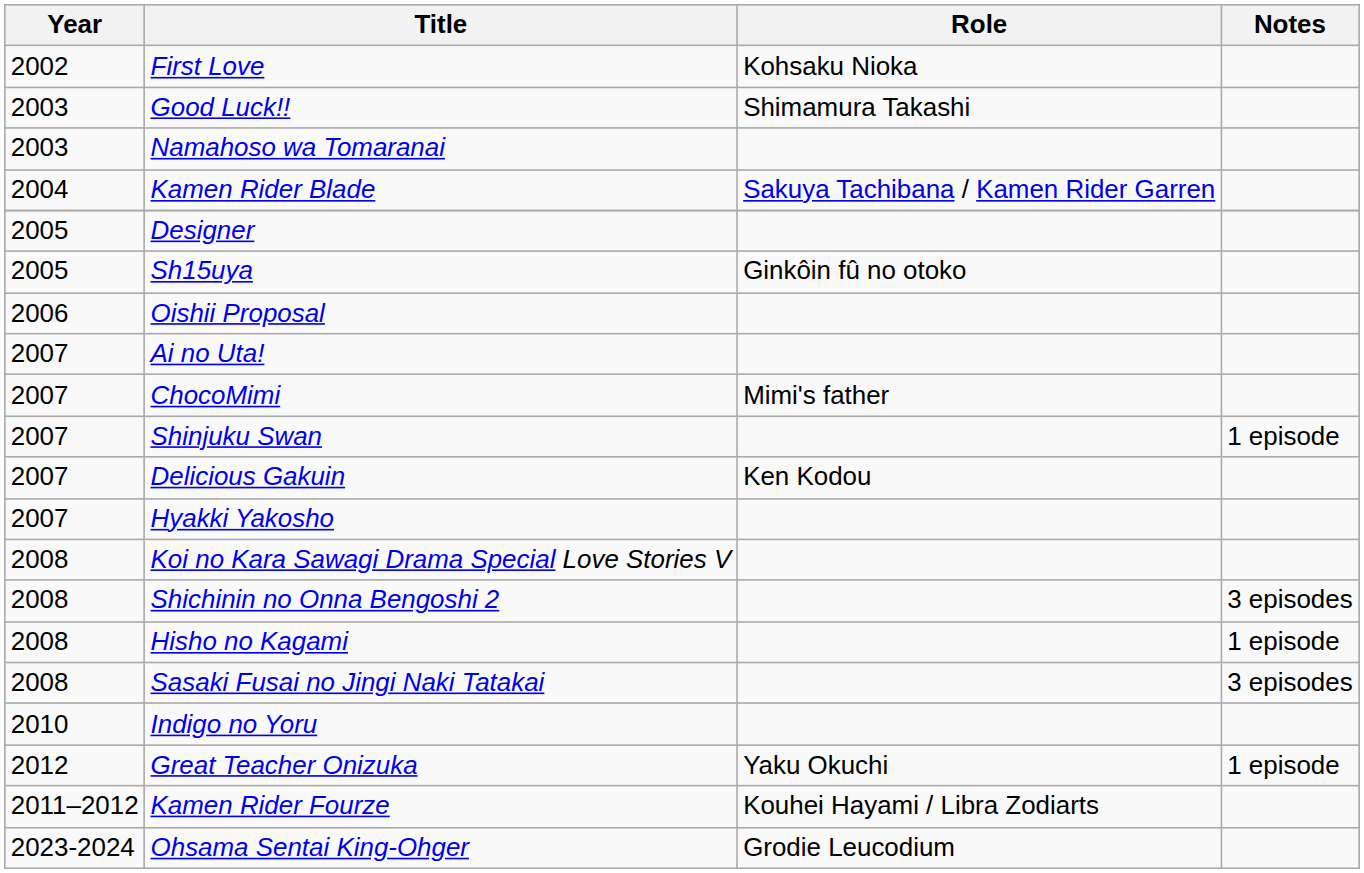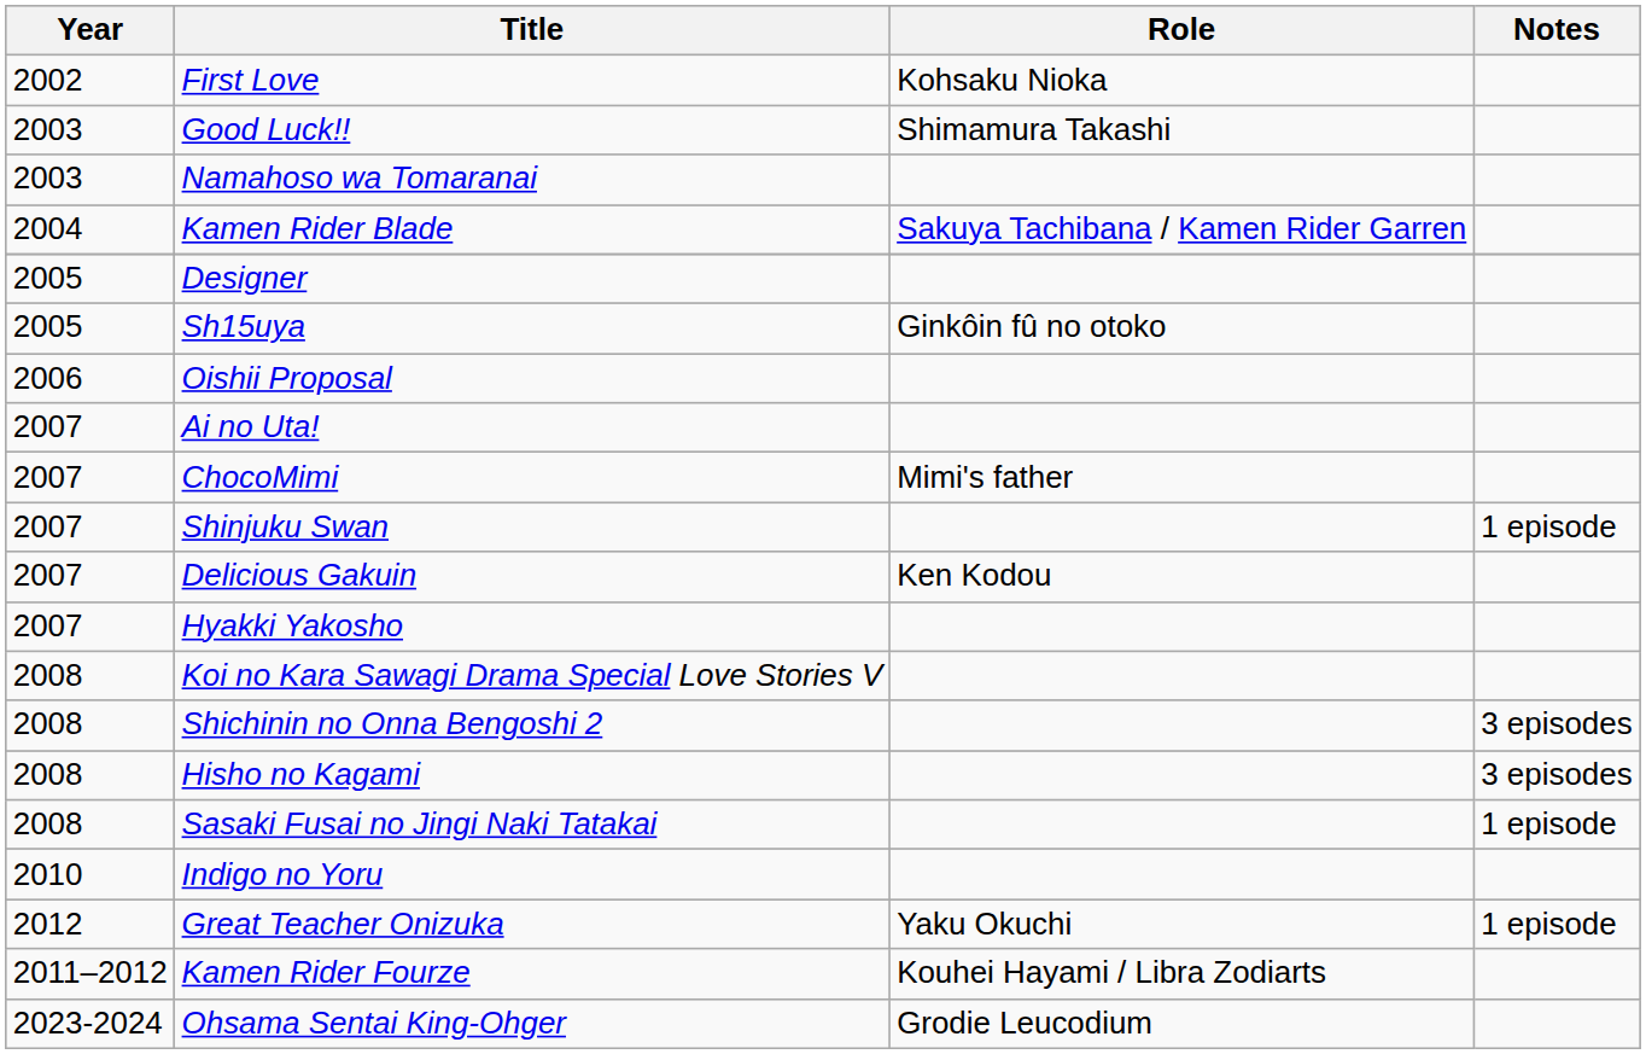 <table class="wikitable">
 <tr>
 <th>Year</th>
 <th>Title</th>
 <th>Role</th>
 <th>Notes</th>
 </tr>
 <tr>
 <td>2002</td>
 <td><em><a href='#'>First Love</a></em></td>
 <td>Kohsaku Nioka</td>
 <td></td>
 </tr>
 <tr>
 <td>2003</td>
 <td><em><a href='#'>Good Luck!!</a></em></td>
 <td>Shimamura Takashi</td>
 <td></td>
 </tr>
 <tr>
 <td>2003</td>
 <td><em><a href='#'>Namahoso wa Tomaranai</a></em></td>
 <td></td>
 <td></td>
 </tr>
 <tr>
 <td>2004</td>
 <td><em><a href='#'>Kamen Rider Blade</a></em></td>
 <td><a href='#'>Sakuya Tachibana</a> / <a href='#'>Kamen Rider Garren</a></td>
 <td></td>
 </tr>
 <tr>
 </tr>
 <tr>
 <td>2005</td>
 <td><em><a href='#'>Designer</a></em></td>
 <td></td>
 <td></td>
 </tr>
 <tr>
 <td>2005</td>
 <td><em><a href='#'>Sh15uya</a></em></td>
 <td>Ginkôin fû no otoko</td>
 <td></td>
 </tr>
 <tr>
 <td>2006</td>
 <td><em><a href='#'>Oishii Proposal</a></em></td>
 <td></td>
 <td></td>
 </tr>
 <tr>
 <td>2007</td>
 <td><em><a href='#'>Ai no Uta!</a></em></td>
 <td></td>
 <td></td>
 </tr>
 <tr>
 <td>2007</td>
 <td><em><a href='#'>ChocoMimi</a></em></td>
 <td>Mimi's father</td>
 <td></td>
 </tr>
 <tr>
 <td>2007</td>
 <td><em><a href='#'>Shinjuku Swan</a></em></td>
 <td></td>
 <td>1 episode</td>
 </tr>
 <tr>
 <td>2007</td>
 <td><em><a href='#'>Delicious Gakuin</a></em></td>
 <td>Ken Kodou</td>
 <td></td>
 </tr>
 <tr>
 <td>2007</td>
 <td><em><a href='#'>Hyakki Yakosho</a></em></td>
 <td></td>
 <td></td>
 </tr>
 <tr>
 <td>2008</td>
 <td><em><a href='#'>Koi no Kara Sawagi Drama Special</a></em> <em>Love Stories V</em></td>
 <td></td>
 <td></td>
 </tr>
 <tr>
 <td>2008</td>
 <td><em><a href='#'>Shichinin no Onna Bengoshi 2</a></em></td>
 <td></td>
 <td>3 episodes</td>
 </tr>
 <tr>
 <td>2008</td>
 <td><em><a href='#'>Hisho no Kagami</a></em></td>
 <td></td>
-<td>1 episode</td>
+<td>3 episodes</td>
 </tr>
 <tr>
 <td>2008</td>
 <td><em><a href='#'>Sasaki Fusai no Jingi Naki Tatakai</a></em></td>
 <td></td>
-<td>3 episodes</td>
+<td>1 episode</td>
 </tr>
 <tr>
 <td>2010</td>
 <td><em><a href='#'>Indigo no Yoru</a></em></td>
 <td></td>
 <td></td>
 </tr>
 <tr>
 <td>2012</td>
 <td><em><a href='#'>Great Teacher Onizuka</a></em></td>
 <td>Yaku Okuchi</td>
 <td>1 episode</td>
 </tr>
 <tr>
 <td>2011–2012</td>
 <td><em><a href='#'>Kamen Rider Fourze</a></em></td>
 <td>Kouhei Hayami / Libra Zodiarts</td>
 <td></td>
 </tr>
 <tr>
 <td>2023-2024</td>
 <td><em><a href='#'>Ohsama Sentai King-Ohger</a></em></td>
 <td>Grodie Leucodium</td>
 </tr>
 </table>
